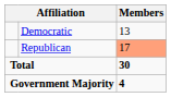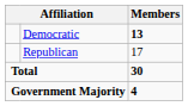 <table class="wikitable">
 <tr>
 <th colspan="2">Affiliation</th>
 <th>Members</th>
 </tr>
 <tr>
 <td style="background-color:"> </td>
 <td><a href='#'>Democratic</a></td>
-<td>13</td>
+<td><strong>13</strong></td>
 </tr>
 <tr>
 <td style="background-color:"> </td>
 <td><a href='#'>Republican</a></td>
-<td style="background: lightsalmon;">17</td>
+<td>17</td>
 </tr>
 <tr>
 <td colspan="2" rowspan="1"> <strong>Total</strong></td>
 <td><strong>30</strong></td>
 </tr>
 <tr>
 <td colspan="2" rowspan="1"> <strong>Government Majority</strong></td>
 <td><strong>4</strong></td>
 </tr>
 </table>
